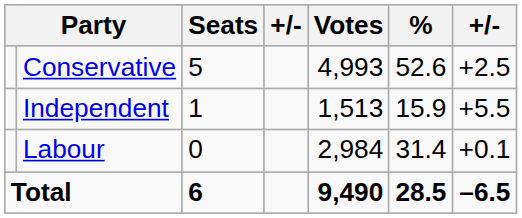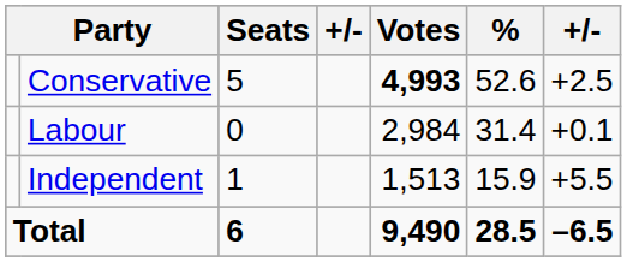 <table class="wikitable sortable">
 <tr>
 <th colspan="2">Party</th>
 <th>Seats</th>
 <th>+/-</th>
 <th>Votes</th>
 <th>%</th>
 <th>+/-</th>
 </tr>
 <tr>
 <td style="background-color: "></td>
 <td><a href='#'>Conservative</a></td>
 <td>5</td>
 <td></td>
-<td style="text-align:right;">4,993</td>
+<td style="text-align:right;"><strong>4,993</strong></td>
 <td style="text-align:right;">52.6</td>
 <td style="text-align:right;">+2.5</td>
+</tr>
+<tr>
+<td style="background-color: "></td>
+<td><a href='#'>Labour</a></td>
+<td>0</td>
+<td></td>
+<td style="text-align:right;">2,984</td>
+<td style="text-align:right;">31.4</td>
+<td style="text-align:right;">+0.1</td>
 </tr>
 <tr>
 <td style="background-color: "></td>
 <td><a href='#'>Independent</a></td>
 <td>1</td>
 <td></td>
 <td style="text-align:right;">1,513</td>
 <td style="text-align:right;">15.9</td>
 <td style="text-align:right;">+5.5</td>
 </tr>
 <tr>
-<td style="background-color: "></td>
-<td><a href='#'>Labour</a></td>
-<td>0</td>
-<td></td>
-<td style="text-align:right;">2,984</td>
-<td style="text-align:right;">31.4</td>
-<td style="text-align:right;">+0.1</td>
-</tr>
-<tr>
 <td colspan="2"><strong>Total</strong></td>
 <td><strong>6</strong></td>
 <td></td>
 <td style="text-align:right;"><strong>9,490</strong></td>
 <td style="text-align:right;"><strong>28.5</strong></td>
 <td style="text-align:right;"><strong>–6.5</strong></td>
 </tr>
 </table>
